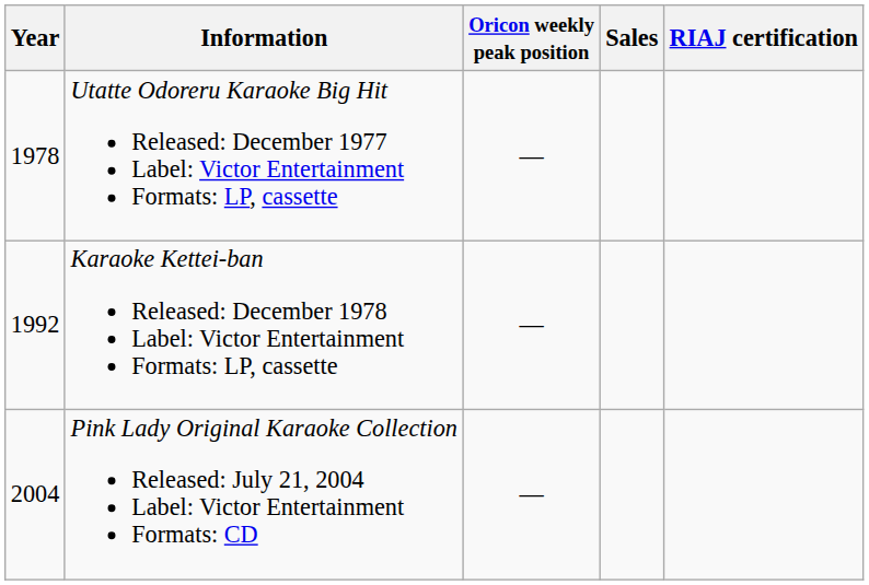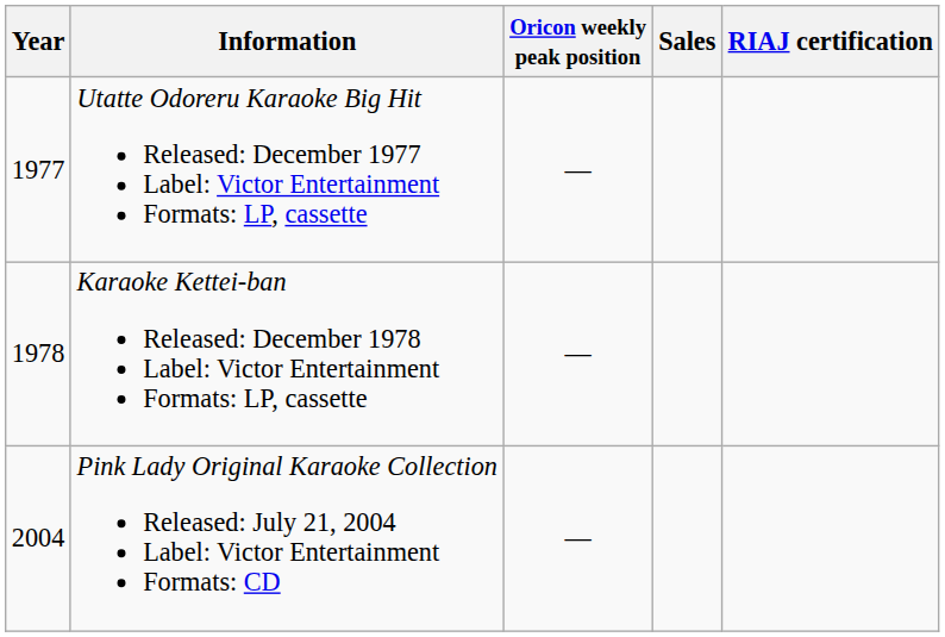 <table class="wikitable">
 <tr>
 <th>Year</th>
 <th>Information</th>
 <th><small><a href='#'>Oricon</a> weekly<br>peak position</small></th>
 <th>Sales<br></th>
 <th><a href='#'>RIAJ</a> certification</th>
 </tr>
 <tr>
-<td>1978</td>
+<td>1977</td>
 <td><em>Utatte Odoreru Karaoke Big Hit</em><br><ul><li>Released: December 1977</li><li>Label: <a href='#'>Victor Entertainment</a></li><li>Formats: <a href='#'>LP</a>, <a href='#'>cassette</a></li></ul></td>
 <td style="text-align:center;">—</td>
 <td align="left"></td>
 <td align="left"></td>
 </tr>
 <tr>
-<td>1992</td>
+<td>1978</td>
 <td><em>Karaoke Kettei-ban</em><br><ul><li>Released: December 1978</li><li>Label: Victor Entertainment</li><li>Formats: LP, cassette</li></ul></td>
 <td style="text-align:center;">—</td>
 <td align="left"></td>
 <td align="left"></td>
 </tr>
 <tr>
 <td>2004</td>
 <td><em>Pink Lady Original Karaoke Collection</em><br><ul><li>Released: July 21, 2004</li><li>Label: Victor Entertainment</li><li>Formats: <a href='#'>CD</a></li></ul></td>
 <td style="text-align:center;">—</td>
 <td align="left"></td>
 <td align="left"></td>
 </tr>
 </table>
